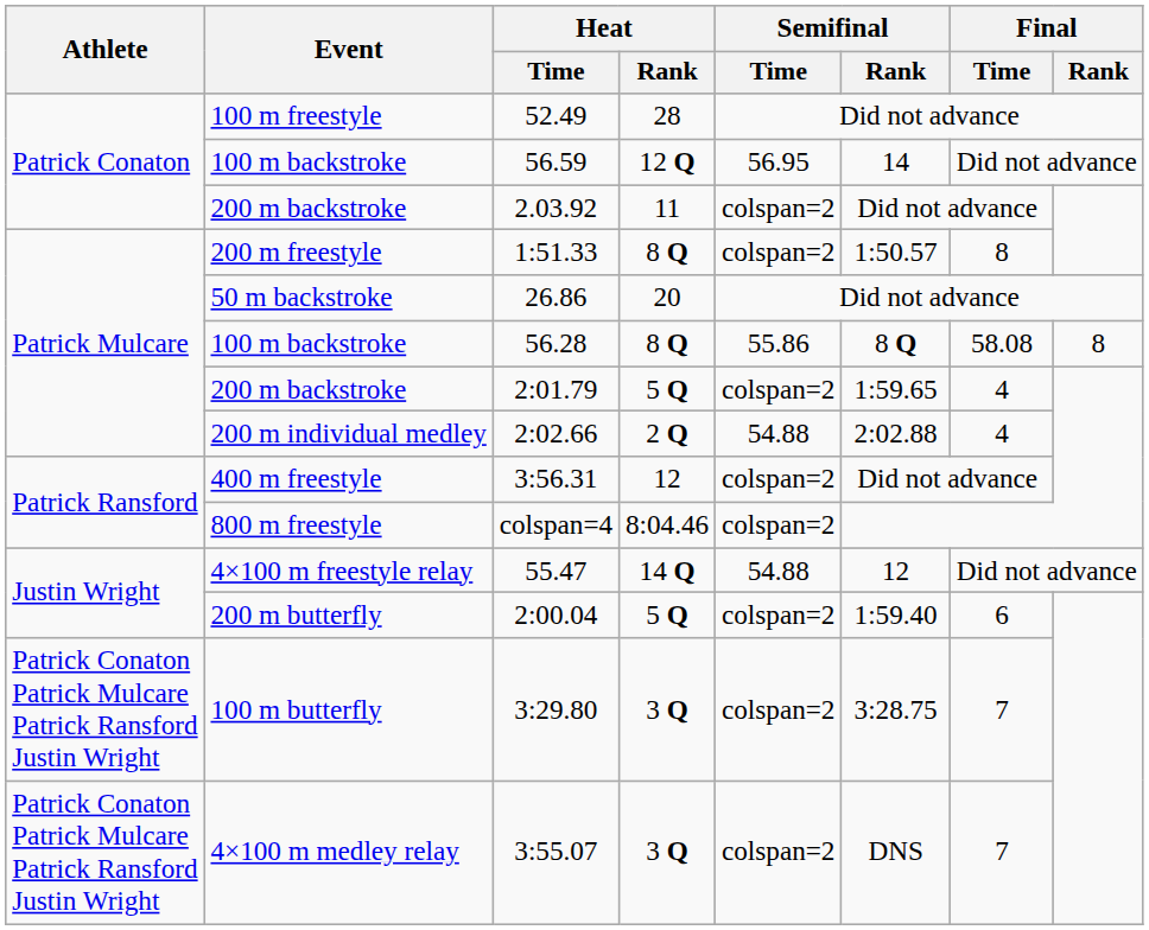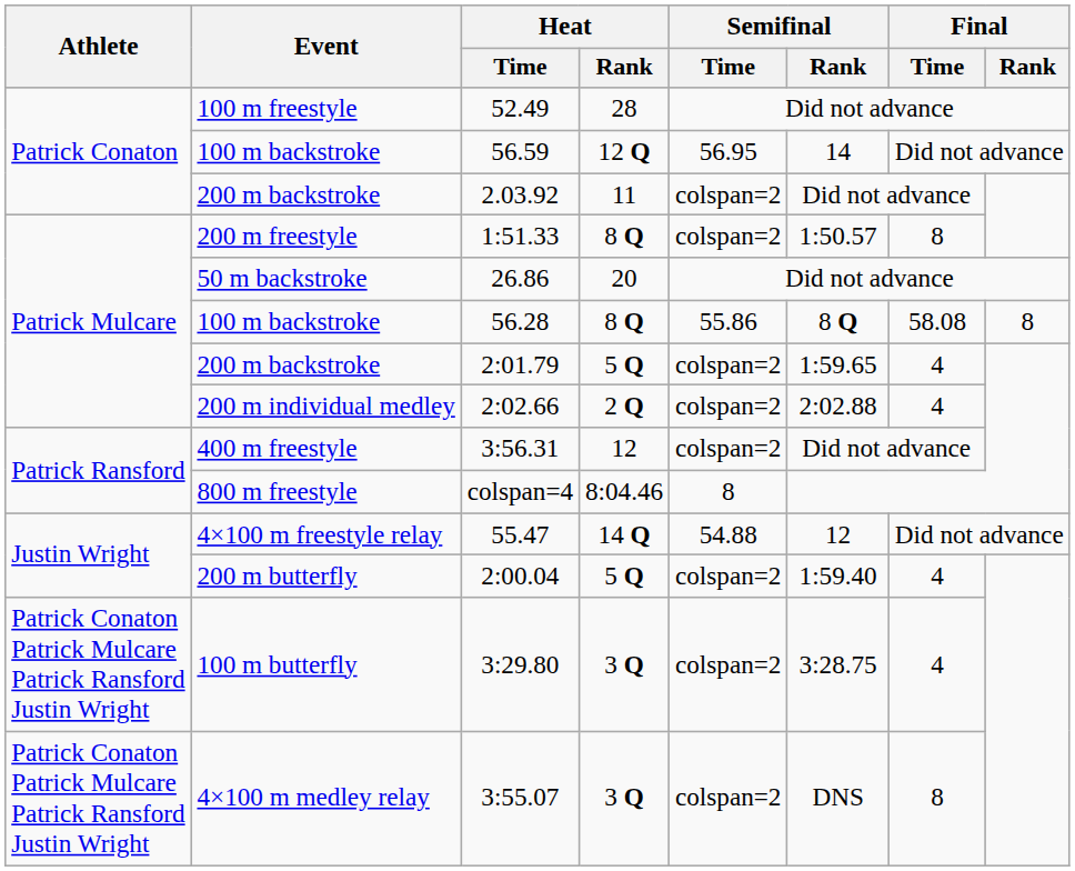 <table class=wikitable style="font-size:90%">
 <tr>
 <th rowspan=2>Athlete</th>
 <th rowspan=2>Event</th>
 <th colspan="2">Heat</th>
 <th colspan="2">Semifinal</th>
 <th colspan="2">Final</th>
 </tr>
 <tr style="font-size:95%">
 <th>Time</th>
 <th>Rank</th>
 <th>Time</th>
 <th>Rank</th>
 <th>Time</th>
 <th>Rank</th>
 </tr>
 <tr align=center>
 <td align=left rowspan=3><a href='#'>Patrick Conaton</a></td>
 <td align=left><a href='#'>100 m freestyle</a></td>
 <td>52.49</td>
 <td>28</td>
 <td colspan=4>Did not advance</td>
 </tr>
 <tr align=center>
 <td align=left><a href='#'>100 m backstroke</a></td>
 <td>56.59</td>
 <td>12 <strong>Q</strong></td>
 <td>56.95</td>
 <td>14</td>
 <td colspan=2>Did not advance</td>
 </tr>
 <tr align=center>
 <td align=left><a href='#'>200 m backstroke</a></td>
 <td>2.03.92</td>
 <td>11</td>
 <td>colspan=2 </td>
 <td colspan=2>Did not advance</td>
 </tr>
 <tr align=center>
 <td align=left rowspan=5><a href='#'>Patrick Mulcare</a></td>
 <td align=left><a href='#'>200 m freestyle</a></td>
 <td>1:51.33</td>
 <td>8 <strong>Q</strong></td>
 <td>colspan=2 </td>
 <td>1:50.57</td>
 <td>8</td>
 </tr>
 <tr align=center>
 <td align=left><a href='#'>50 m backstroke</a></td>
 <td>26.86</td>
 <td>20</td>
 <td colspan=4>Did not advance</td>
 </tr>
 <tr align=center>
 <td align=left><a href='#'>100 m backstroke</a></td>
 <td>56.28</td>
 <td>8 <strong>Q</strong></td>
 <td>55.86</td>
 <td>8 <strong>Q</strong></td>
 <td>58.08</td>
 <td>8</td>
 </tr>
 <tr align=center>
 <td align=left><a href='#'>200 m backstroke</a></td>
 <td>2:01.79</td>
 <td>5 <strong>Q</strong></td>
 <td>colspan=2 </td>
 <td>1:59.65</td>
 <td>4</td>
 </tr>
 <tr align=center>
 <td align=left><a href='#'>200 m individual medley</a></td>
 <td>2:02.66</td>
 <td>2 <strong>Q</strong></td>
-<td>54.88</td>
+<td>colspan=2 </td>
 <td>2:02.88</td>
 <td>4</td>
 </tr>
 <tr align=center>
 <td align=left rowspan=2><a href='#'>Patrick Ransford</a></td>
 <td align=left><a href='#'>400 m freestyle</a></td>
 <td>3:56.31</td>
 <td>12</td>
 <td>colspan=2 </td>
 <td colspan=2>Did not advance</td>
 </tr>
 <tr align=center>
 <td align=left><a href='#'>800 m freestyle</a></td>
 <td>colspan=4 </td>
 <td>8:04.46</td>
-<td>colspan=2 </td>
+<td>8</td>
 </tr>
 <tr align=center>
 <td align=left rowspan=2><a href='#'>Justin Wright</a></td>
 <td align=left><a href='#'>4×100 m freestyle relay</a></td>
 <td>55.47</td>
 <td>14 <strong>Q</strong></td>
 <td>54.88</td>
 <td>12</td>
 <td colspan=2>Did not advance</td>
 </tr>
 <tr align=center>
 <td align=left><a href='#'>200 m butterfly</a></td>
 <td>2:00.04</td>
 <td>5 <strong>Q</strong></td>
 <td>colspan=2 </td>
 <td>1:59.40</td>
-<td>6</td>
+<td>4</td>
 </tr>
 <tr align=center>
 <td align=left><a href='#'>Patrick Conaton</a><br><a href='#'>Patrick Mulcare</a><br><a href='#'>Patrick Ransford</a><br><a href='#'>Justin Wright</a></td>
 <td align=left><a href='#'>100 m butterfly</a></td>
 <td>3:29.80</td>
 <td>3 <strong>Q</strong></td>
 <td>colspan=2 </td>
 <td>3:28.75</td>
-<td>7</td>
+<td>4</td>
 </tr>
 <tr align=center>
 <td align=left><a href='#'>Patrick Conaton</a><br><a href='#'>Patrick Mulcare</a><br><a href='#'>Patrick Ransford</a><br><a href='#'>Justin Wright</a></td>
 <td align=left><a href='#'>4×100 m medley relay</a></td>
 <td>3:55.07</td>
 <td>3 <strong>Q</strong></td>
 <td>colspan=2 </td>
 <td>DNS</td>
-<td>7</td>
+<td>8</td>
 </tr>
 </table>
